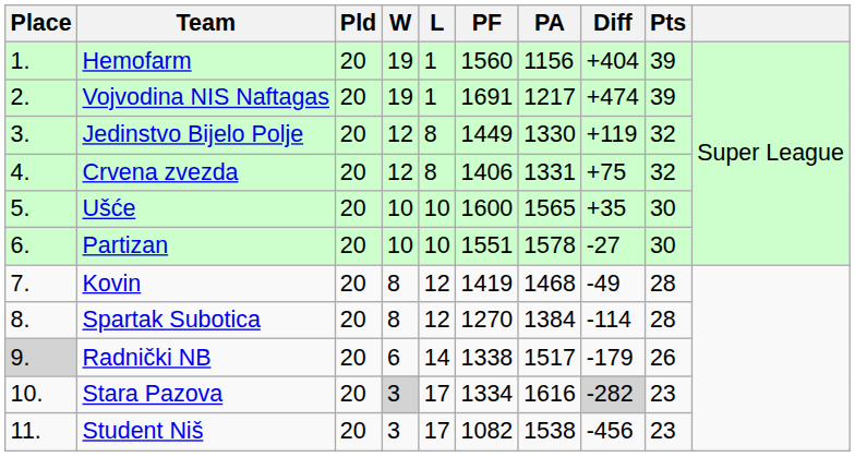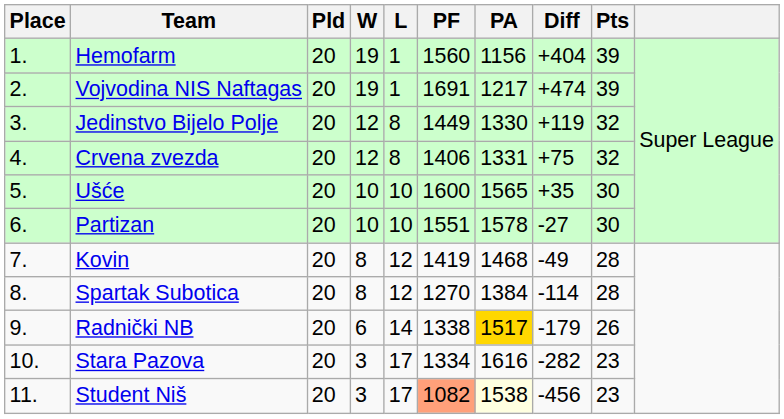 <table class="wikitable">
 <tr>
 <th>Place</th>
 <th>Team</th>
 <th>Pld</th>
 <th>W</th>
 <th>L</th>
 <th>PF</th>
 <th>PA</th>
 <th>Diff</th>
 <th>Pts</th>
 <th></th>
 </tr>
 <tr bgcolor=#ccffcc>
 <td>1.</td>
 <td><a href='#'>Hemofarm</a></td>
 <td>20</td>
 <td>19</td>
 <td>1</td>
 <td>1560</td>
 <td>1156</td>
 <td>+404</td>
 <td>39</td>
 <td rowspan="6">Super League</td>
 </tr>
 <tr bgcolor=#ccffcc>
 <td>2.</td>
 <td><a href='#'>Vojvodina NIS Naftagas</a></td>
 <td>20</td>
 <td>19</td>
 <td>1</td>
 <td>1691</td>
 <td>1217</td>
 <td>+474</td>
 <td>39</td>
 </tr>
 <tr bgcolor=#ccffcc>
 <td>3.</td>
 <td><a href='#'>Jedinstvo Bijelo Polje</a></td>
 <td>20</td>
 <td>12</td>
 <td>8</td>
 <td>1449</td>
 <td>1330</td>
 <td>+119</td>
 <td>32</td>
 </tr>
 <tr bgcolor=#ccffcc>
 <td>4.</td>
 <td><a href='#'>Crvena zvezda</a></td>
 <td>20</td>
 <td>12</td>
 <td>8</td>
 <td>1406</td>
 <td>1331</td>
 <td>+75</td>
 <td>32</td>
 </tr>
 <tr bgcolor=#ccffcc>
 <td>5.</td>
 <td><a href='#'>Ušće</a></td>
 <td>20</td>
 <td>10</td>
 <td>10</td>
 <td>1600</td>
 <td>1565</td>
 <td>+35</td>
 <td>30</td>
 </tr>
 <tr bgcolor=#ccffcc>
 <td>6.</td>
 <td><a href='#'>Partizan</a></td>
 <td>20</td>
 <td>10</td>
 <td>10</td>
 <td>1551</td>
 <td>1578</td>
 <td>-27</td>
 <td>30</td>
 </tr>
 <tr>
 <td>7.</td>
 <td><a href='#'>Kovin</a></td>
 <td>20</td>
 <td>8</td>
 <td>12</td>
 <td>1419</td>
 <td>1468</td>
 <td>-49</td>
 <td>28</td>
 <td rowspan="5"></td>
 </tr>
 <tr>
 <td>8.</td>
 <td><a href='#'>Spartak Subotica</a></td>
 <td>20</td>
 <td>8</td>
 <td>12</td>
 <td>1270</td>
 <td>1384</td>
 <td>-114</td>
 <td>28</td>
 </tr>
 <tr>
-<td style="background: lightgrey;">9.</td>
+<td>9.</td>
 <td><a href='#'>Radnički NB</a></td>
 <td>20</td>
 <td>6</td>
 <td>14</td>
 <td>1338</td>
-<td>1517</td>
+<td style="background: gold;">1517</td>
 <td>-179</td>
 <td>26</td>
 </tr>
 <tr>
 <td>10.</td>
 <td><a href='#'>Stara Pazova</a></td>
 <td>20</td>
-<td style="background: lightgrey;">3</td>
+<td>3</td>
 <td>17</td>
 <td>1334</td>
 <td>1616</td>
-<td style="background: lightgrey;">-282</td>
+<td>-282</td>
 <td>23</td>
 </tr>
 <tr>
 <td>11.</td>
 <td><a href='#'>Student Niš</a></td>
 <td>20</td>
 <td>3</td>
 <td>17</td>
-<td>1082</td>
-<td>1538</td>
+<td style="background: lightsalmon;">1082</td>
+<td style="background: lightyellow;">1538</td>
 <td>-456</td>
 <td>23</td>
 </tr>
 </table>
